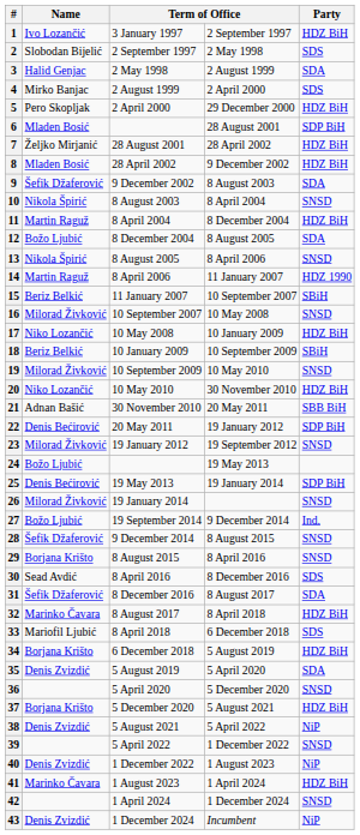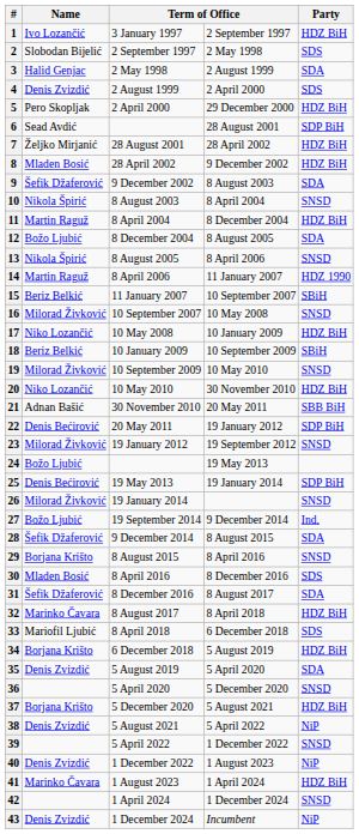 <table class="wikitable" style="text-align; font-size:97%;">
 <tr ->
 <th>#</th>
 <th>Name</th>
 <th colspan=2>Term of Office</th>
 <th>Party</th>
 </tr>
 <tr ->
 <th style="background:">1</th>
 <td><a href='#'>Ivo Lozančić</a></td>
 <td>3 January 1997</td>
 <td>2 September 1997</td>
 <td><a href='#'>HDZ BiH</a></td>
 </tr>
 <tr ->
 <th style="background:">2</th>
 <td>Slobodan Bijelić</td>
 <td>2 September 1997</td>
 <td>2 May 1998</td>
 <td><a href='#'>SDS</a></td>
 </tr>
 <tr ->
 <th style="background:">3</th>
 <td><a href='#'>Halid Genjac</a></td>
 <td>2 May 1998</td>
 <td>2 August 1999</td>
 <td><a href='#'>SDA</a></td>
 </tr>
 <tr ->
 <th style="background:">4</th>
-<td>Mirko Banjac</td>
+<td><a href='#'>Denis Zvizdić</a></td>
 <td>2 August 1999</td>
 <td>2 April 2000</td>
 <td><a href='#'>SDS</a></td>
 </tr>
 <tr ->
 <th style="background:">5</th>
 <td>Pero Skopljak</td>
 <td>2 April 2000</td>
 <td>29 December 2000</td>
 <td><a href='#'>HDZ BiH</a></td>
 </tr>
 <tr ->
 <th style="background:">6</th>
-<td><a href='#'>Mladen Bosić</a></td>
+<td>Sead Avdić</td>
 <td></td>
 <td>28 August 2001</td>
 <td><a href='#'>SDP BiH</a></td>
 </tr>
 <tr ->
 <th style="background:">7</th>
 <td>Željko Mirjanić</td>
 <td>28 August 2001</td>
 <td>28 April 2002</td>
 <td><a href='#'>HDZ BiH</a></td>
 </tr>
 <tr ->
 <th style="background:">8</th>
 <td><a href='#'>Mladen Bosić</a></td>
 <td>28 April 2002</td>
 <td>9 December 2002</td>
 <td><a href='#'>HDZ BiH</a></td>
 </tr>
 <tr ->
 <th style="background:">9</th>
 <td><a href='#'>Šefik Džaferović</a></td>
 <td>9 December 2002</td>
 <td>8 August 2003</td>
 <td><a href='#'>SDA</a></td>
 </tr>
 <tr ->
 <th style="background:">10</th>
 <td><a href='#'>Nikola Špirić</a></td>
 <td>8 August 2003</td>
 <td>8 April 2004</td>
 <td><a href='#'>SNSD</a></td>
 </tr>
 <tr ->
 <th style="background:">11</th>
 <td><a href='#'>Martin Raguž</a></td>
 <td>8 April 2004</td>
 <td>8 December 2004</td>
 <td><a href='#'>HDZ BiH</a></td>
 </tr>
 <tr ->
 <th style="background:">12</th>
 <td><a href='#'>Božo Ljubić</a></td>
 <td>8 December 2004</td>
 <td>8 August 2005</td>
 <td><a href='#'>SDA</a></td>
 </tr>
 <tr ->
 <th style="background:">13</th>
 <td><a href='#'>Nikola Špirić</a></td>
 <td>8 August 2005</td>
 <td>8 April 2006</td>
 <td><a href='#'>SNSD</a></td>
 </tr>
 <tr ->
 <th style="background:">14</th>
 <td><a href='#'>Martin Raguž</a></td>
 <td>8 April 2006</td>
 <td>11 January 2007</td>
 <td><a href='#'>HDZ 1990</a></td>
 </tr>
 <tr ->
 <th style="background:">15</th>
 <td><a href='#'>Beriz Belkić</a></td>
 <td>11 January 2007</td>
 <td>10 September 2007</td>
 <td><a href='#'>SBiH</a></td>
 </tr>
 <tr ->
 <th style="background:">16</th>
 <td><a href='#'>Milorad Živković</a></td>
 <td>10 September 2007</td>
 <td>10 May 2008</td>
 <td><a href='#'>SNSD</a></td>
 </tr>
 <tr ->
 <th style="background:">17</th>
 <td><a href='#'>Niko Lozančić</a></td>
 <td>10 May 2008</td>
 <td>10 January 2009</td>
 <td><a href='#'>HDZ BiH</a></td>
 </tr>
 <tr ->
 <th style="background:">18</th>
 <td><a href='#'>Beriz Belkić</a></td>
 <td>10 January 2009</td>
 <td>10 September 2009</td>
 <td><a href='#'>SBiH</a></td>
 </tr>
 <tr ->
 <th style="background:">19</th>
 <td><a href='#'>Milorad Živković</a></td>
 <td>10 September 2009</td>
 <td>10 May 2010</td>
 <td><a href='#'>SNSD</a></td>
 </tr>
 <tr ->
 <th style="background:">20</th>
 <td><a href='#'>Niko Lozančić</a></td>
 <td>10 May 2010</td>
 <td>30 November 2010</td>
 <td><a href='#'>HDZ BiH</a></td>
 </tr>
 <tr ->
 <th style="background:">21</th>
 <td>Adnan Bašić</td>
 <td>30 November 2010</td>
 <td>20 May 2011</td>
 <td><a href='#'>SBB BiH</a></td>
 </tr>
 <tr ->
 <th style="background:">22</th>
 <td><a href='#'>Denis Bećirović</a></td>
 <td>20 May 2011</td>
 <td>19 January 2012</td>
 <td><a href='#'>SDP BiH</a></td>
 </tr>
 <tr ->
 <th style="background:">23</th>
 <td><a href='#'>Milorad Živković</a></td>
 <td>19 January 2012</td>
 <td>19 September 2012</td>
 <td><a href='#'>SNSD</a></td>
 </tr>
 <tr ->
 <th style="background:">24</th>
 <td><a href='#'>Božo Ljubić</a></td>
 <td></td>
 <td>19 May 2013</td>
 <td></td>
 </tr>
 <tr ->
 <th style="background:">25</th>
 <td><a href='#'>Denis Bećirović</a></td>
 <td>19 May 2013</td>
 <td>19 January 2014</td>
 <td><a href='#'>SDP BiH</a></td>
 </tr>
 <tr ->
 <th style="background:">26</th>
 <td><a href='#'>Milorad Živković</a></td>
 <td>19 January 2014</td>
 <td></td>
 <td><a href='#'>SNSD</a></td>
 </tr>
 <tr ->
 <th style="background:">27</th>
 <td><a href='#'>Božo Ljubić</a></td>
 <td>19 September 2014</td>
 <td>9 December 2014</td>
 <td><a href='#'>Ind.</a></td>
 </tr>
 <tr ->
 <th style="background:">28</th>
 <td><a href='#'>Šefik Džaferović</a></td>
 <td>9 December 2014</td>
 <td>8 August 2015</td>
-<td><a href='#'>SNSD</a></td>
+<td><a href='#'>SDA</a></td>
 </tr>
 <tr ->
 <th style="background:">29</th>
 <td><a href='#'>Borjana Krišto</a></td>
 <td>8 August 2015</td>
 <td>8 April 2016</td>
 <td><a href='#'>SNSD</a></td>
 </tr>
 <tr ->
 <th style="background:">30</th>
-<td>Sead Avdić</td>
+<td><a href='#'>Mladen Bosić</a></td>
 <td>8 April 2016</td>
 <td>8 December 2016</td>
 <td><a href='#'>SDS</a></td>
 </tr>
 <tr ->
 <th style="background:">31</th>
 <td><a href='#'>Šefik Džaferović</a></td>
 <td>8 December 2016</td>
 <td>8 August 2017</td>
 <td><a href='#'>SDA</a></td>
 </tr>
 <tr ->
 <th style="background:">32</th>
 <td><a href='#'>Marinko Čavara</a></td>
 <td>8 August 2017</td>
 <td>8 April 2018</td>
 <td><a href='#'>HDZ BiH</a></td>
 </tr>
 <tr ->
 <th style="background:">33</th>
 <td>Mariofil Ljubić</td>
 <td>8 April 2018</td>
 <td>6 December 2018</td>
 <td><a href='#'>SDS</a></td>
 </tr>
 <tr ->
 <th style="background:">34</th>
 <td><a href='#'>Borjana Krišto</a></td>
 <td>6 December 2018</td>
 <td>5 August 2019</td>
 <td><a href='#'>HDZ BiH</a></td>
 </tr>
 <tr ->
 <th style="background:">35</th>
 <td><a href='#'>Denis Zvizdić</a></td>
 <td>5 August 2019</td>
 <td>5 April 2020</td>
 <td><a href='#'>SDA</a></td>
 </tr>
 <tr ->
 <th style="background:">36</th>
 <td></td>
 <td>5 April 2020</td>
 <td>5 December 2020</td>
 <td><a href='#'>SNSD</a></td>
 </tr>
 <tr ->
 <th style="background:">37</th>
 <td><a href='#'>Borjana Krišto</a></td>
 <td>5 December 2020</td>
 <td>5 August 2021</td>
 <td><a href='#'>HDZ BiH</a></td>
 </tr>
 <tr ->
 <th style="background:">38</th>
 <td><a href='#'>Denis Zvizdić</a></td>
 <td>5 August 2021</td>
 <td>5 April 2022</td>
 <td><a href='#'>NiP</a></td>
 </tr>
 <tr ->
 <th style="background:">39</th>
 <td></td>
 <td>5 April 2022</td>
 <td>1 December 2022</td>
 <td><a href='#'>SNSD</a></td>
 </tr>
 <tr ->
 <th style="background:">40</th>
 <td><a href='#'>Denis Zvizdić</a></td>
 <td>1 December 2022</td>
 <td>1 August 2023</td>
 <td><a href='#'>NiP</a></td>
 </tr>
 <tr ->
 <th style="background:">41</th>
 <td><a href='#'>Marinko Čavara</a></td>
 <td>1 August 2023</td>
 <td>1 April 2024</td>
 <td><a href='#'>HDZ BiH</a></td>
 </tr>
 <tr ->
 <th style="background:">42</th>
 <td></td>
 <td>1 April 2024</td>
 <td>1 December 2024</td>
 <td><a href='#'>SNSD</a></td>
 </tr>
 <tr ->
 <th style="background:">43</th>
 <td><a href='#'>Denis Zvizdić</a></td>
 <td>1 December 2024</td>
 <td><em>Incumbent</em></td>
 <td><a href='#'>NiP</a></td>
 </tr>
 </table>
